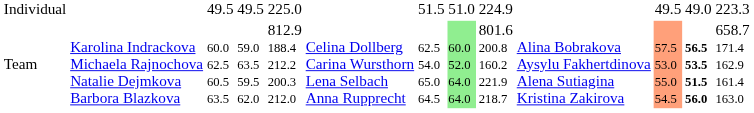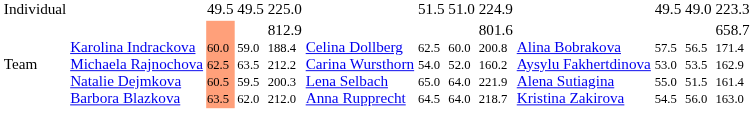 <table>
 <tr>
 <td>Individual</td>
 <td></td>
 <td>49.5</td>
 <td>49.5</td>
 <td>225.0</td>
 <td></td>
 <td>51.5</td>
 <td>51.0</td>
 <td>224.9</td>
 <td></td>
 <td>49.5</td>
 <td>49.0</td>
 <td>223.3</td>
 </tr>
 <tr>
 <td>Team</td>
 <td><br><a href='#'>Karolina Indrackova</a><br><a href='#'>Michaela Rajnochova</a><br><a href='#'>Natalie Dejmkova</a><br><a href='#'>Barbora Blazkova</a></td>
-<td><br><small>60.0<br>62.5<br>60.5<br>63.5</small></td>
+<td style="background: lightsalmon;"><br><small>60.0<br>62.5<br>60.5<br>63.5</small></td>
 <td><br><small>59.0<br>63.5<br>59.5<br>62.0</small></td>
 <td>812.9<br><small>188.4<br>212.2<br>200.3<br>212.0</small></td>
 <td><br><a href='#'>Celina Dollberg</a><br><a href='#'>Carina Wursthorn</a><br><a href='#'>Lena Selbach</a><br><a href='#'>Anna Rupprecht</a></td>
 <td><br><small>62.5<br>54.0<br>65.0<br>64.5</small></td>
-<td style="background: lightgreen;"><br><small>60.0<br>52.0<br>64.0<br>64.0</small></td>
+<td><br><small>60.0<br>52.0<br>64.0<br>64.0</small></td>
 <td>801.6<br><small>200.8<br>160.2<br>221.9<br>218.7</small></td>
 <td><br><a href='#'>Alina Bobrakova</a><br><a href='#'>Aysylu Fakhertdinova</a><br><a href='#'>Alena Sutiagina</a><br><a href='#'>Kristina Zakirova</a></td>
-<td style="background: lightsalmon;"><br><small>57.5<br>53.0<br>55.0<br>54.5</small></td>
-<td><strong><br><small>56.5<br>53.5<br>51.5<br>56.0</small></strong></td>
+<td><br><small>57.5<br>53.0<br>55.0<br>54.5</small></td>
+<td><br><small>56.5<br>53.5<br>51.5<br>56.0</small></td>
 <td>658.7<br><small>171.4<br>162.9<br>161.4<br>163.0</small></td>
 </tr>
 </table>
